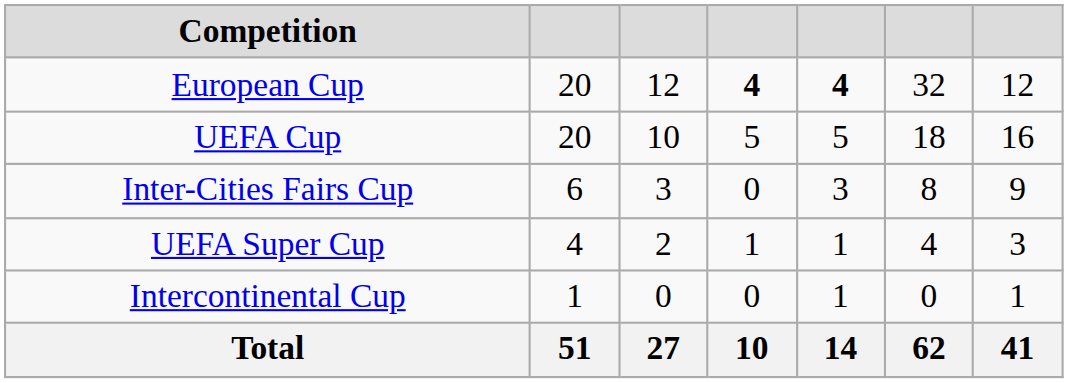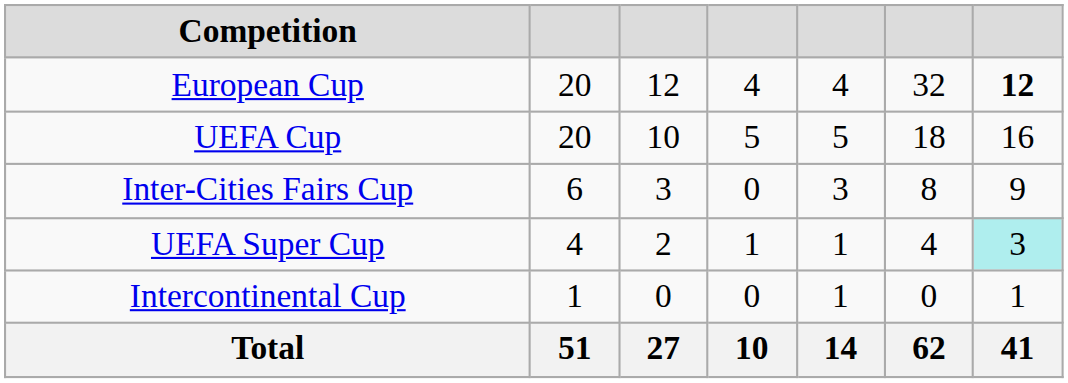 <table class="wikitable" style="text-align:center">
 <tr>
 <th width="244" style="background:#DCDCDC">Competition</th>
 <th width="35" style="background:#DCDCDC"></th>
 <th width="35" style="background:#DCDCDC"></th>
 <th width="35" style="background:#DCDCDC"></th>
 <th width="35" style="background:#DCDCDC"></th>
 <th width="35" style="background:#DCDCDC"></th>
 <th width="35" style="background:#DCDCDC"></th>
 </tr>
 <tr>
 <td><a href='#'>European Cup</a></td>
 <td>20</td>
 <td>12</td>
-<td><strong>4</strong></td>
-<td><strong>4</strong></td>
+<td>4</td>
+<td>4</td>
 <td>32</td>
-<td>12</td>
+<td><strong>12</strong></td>
 </tr>
 <tr>
 <td><a href='#'>UEFA Cup</a></td>
 <td>20</td>
 <td>10</td>
 <td>5</td>
 <td>5</td>
 <td>18</td>
 <td>16</td>
 </tr>
 <tr>
 <td><a href='#'>Inter-Cities Fairs Cup</a></td>
 <td>6</td>
 <td>3</td>
 <td>0</td>
 <td>3</td>
 <td>8</td>
 <td>9</td>
 </tr>
 <tr>
 <td><a href='#'>UEFA Super Cup</a></td>
 <td>4</td>
 <td>2</td>
 <td>1</td>
 <td>1</td>
 <td>4</td>
-<td>3</td>
+<td style="background: paleturquoise;">3</td>
 </tr>
 <tr>
 <td><a href='#'>Intercontinental Cup</a></td>
 <td>1</td>
 <td>0</td>
 <td>0</td>
 <td>1</td>
 <td>0</td>
 <td>1</td>
 </tr>
 <tr class="sortbottom">
 <th>Total</th>
 <th>51</th>
 <th>27</th>
 <th>10</th>
 <th>14</th>
 <th>62</th>
 <th>41</th>
 </tr>
 </table>
